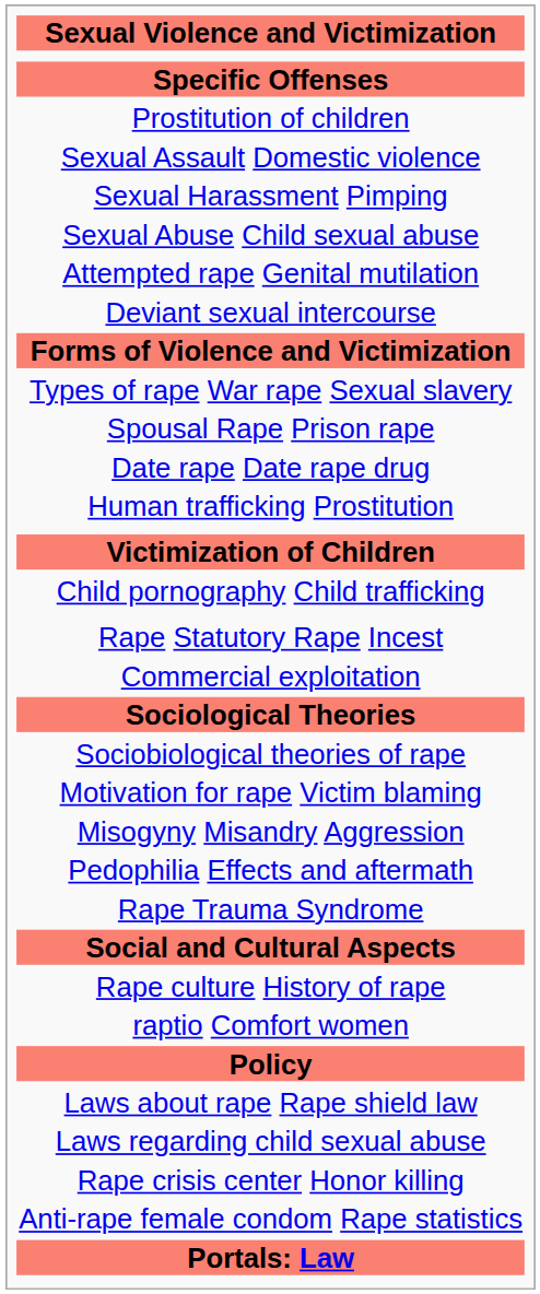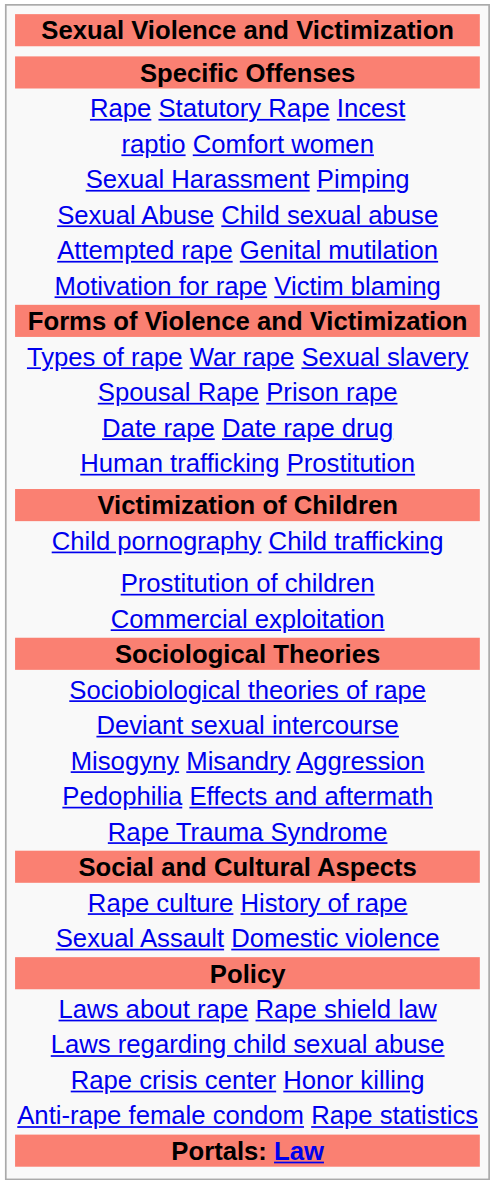 <table class="infobox" style="text-align: center; font-size: 95%;">
 <tr>
 <th style="background:salmon;"><strong>Sexual Violence and Victimization</strong></th>
 </tr>
 <tr>
 <td></td>
 </tr>
 <tr>
 <th style="background:salmon;">Specific Offenses</th>
 </tr>
 <tr>
-<td><a href='#'>Prostitution of children</a></td>
+<td><a href='#'>Rape</a> <a href='#'>Statutory Rape</a> <a href='#'>Incest</a></td>
 </tr>
 <tr>
-<td><a href='#'>Sexual Assault</a> <a href='#'>Domestic violence</a></td>
+<td><a href='#'>raptio</a> <a href='#'>Comfort women</a></td>
 </tr>
 <tr>
 <td><a href='#'>Sexual Harassment</a> <a href='#'>Pimping</a></td>
 </tr>
 <tr>
 <td><a href='#'>Sexual Abuse</a> <a href='#'>Child sexual abuse</a></td>
 </tr>
 <tr>
 <td><a href='#'>Attempted rape</a> <a href='#'>Genital mutilation</a></td>
 </tr>
 <tr>
-<td><a href='#'>Deviant sexual intercourse</a></td>
+<td><a href='#'>Motivation for rape</a> <a href='#'>Victim blaming</a></td>
 </tr>
 <tr>
 <th style="background:salmon;">Forms of Violence and Victimization</th>
 </tr>
 <tr>
 <td><a href='#'>Types of rape</a> <a href='#'>War rape</a> <a href='#'>Sexual slavery</a></td>
 </tr>
 <tr>
 <td><a href='#'>Spousal Rape</a> <a href='#'>Prison rape</a></td>
 </tr>
 <tr>
 <td><a href='#'>Date rape</a> <a href='#'>Date rape drug</a></td>
 </tr>
 <tr>
 <td><a href='#'>Human trafficking</a> <a href='#'>Prostitution</a></td>
 </tr>
 <tr>
 <td></td>
 </tr>
 <tr>
 <th style="background:salmon;">Victimization of Children</th>
 </tr>
 <tr>
 <td><a href='#'>Child pornography</a> <a href='#'>Child trafficking</a></td>
 </tr>
 <tr>
 <td></td>
 </tr>
 <tr>
-<td><a href='#'>Rape</a> <a href='#'>Statutory Rape</a> <a href='#'>Incest</a></td>
+<td><a href='#'>Prostitution of children</a></td>
 </tr>
 <tr>
 <td><a href='#'>Commercial exploitation</a></td>
 </tr>
 <tr>
 <th style="background:salmon;">Sociological Theories</th>
 </tr>
 <tr>
 <td><a href='#'>Sociobiological theories of rape</a></td>
 </tr>
 <tr>
-<td><a href='#'>Motivation for rape</a> <a href='#'>Victim blaming</a></td>
+<td><a href='#'>Deviant sexual intercourse</a></td>
 </tr>
 <tr>
 <td><a href='#'>Misogyny</a> <a href='#'>Misandry</a> <a href='#'>Aggression</a></td>
 </tr>
 <tr>
 <td><a href='#'>Pedophilia</a>  <a href='#'>Effects and aftermath</a></td>
 </tr>
 <tr>
 <td><a href='#'>Rape Trauma Syndrome</a></td>
 </tr>
 <tr>
 <th style="background:salmon;">Social and Cultural Aspects</th>
 </tr>
 <tr>
 <td><a href='#'>Rape culture</a> <a href='#'>History of rape</a></td>
 </tr>
 <tr>
-<td><a href='#'>raptio</a> <a href='#'>Comfort women</a></td>
+<td><a href='#'>Sexual Assault</a> <a href='#'>Domestic violence</a></td>
 </tr>
 <tr>
 <th style="background:salmon">Policy</th>
 </tr>
 <tr>
 <td><a href='#'>Laws about rape</a> <a href='#'>Rape shield law</a></td>
 </tr>
 <tr>
 <td><a href='#'>Laws regarding child sexual abuse</a></td>
 </tr>
 <tr>
 <td><a href='#'>Rape crisis center</a> <a href='#'>Honor killing</a></td>
 </tr>
 <tr>
 <td><a href='#'>Anti-rape female condom</a> <a href='#'>Rape statistics</a></td>
 </tr>
 <tr>
 <th style="background:Salmon;">Portals: <a href='#'>Law</a></th>
 </tr>
 <tr>
 </tr>
 </table>
